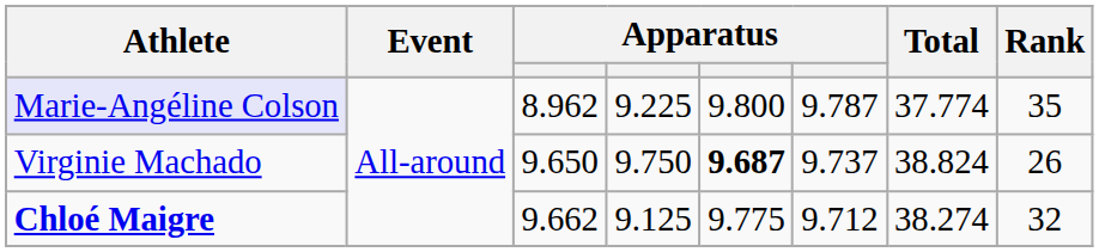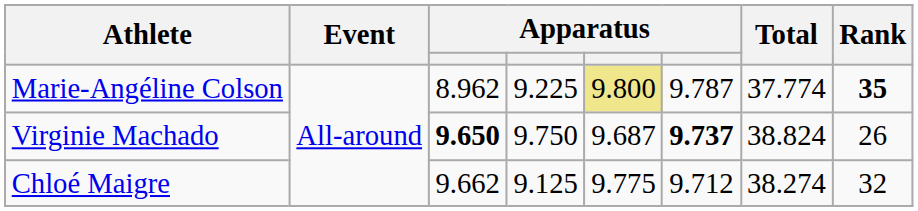 <table class="wikitable" style="font-size:90%">
 <tr>
 <th rowspan=2>Athlete</th>
 <th rowspan=2>Event</th>
 <th colspan=4>Apparatus</th>
 <th rowspan=2>Total</th>
 <th rowspan=2>Rank</th>
 </tr>
 <tr style="font-size:95%">
 <th></th>
 <th></th>
 <th></th>
 <th></th>
 </tr>
 <tr align=center>
-<td align=left style="background: lavender;"><a href='#'>Marie-Angéline Colson</a></td>
+<td align=left><a href='#'>Marie-Angéline Colson</a></td>
 <td align=left rowspan=3><a href='#'>All-around</a></td>
 <td>8.962</td>
 <td>9.225</td>
-<td>9.800</td>
+<td style="background: khaki;">9.800</td>
 <td>9.787</td>
 <td>37.774</td>
-<td>35</td>
+<td><strong>35</strong></td>
 </tr>
 <tr align=center>
 <td align=left><a href='#'>Virginie Machado</a></td>
-<td>9.650</td>
+<td><strong>9.650</strong></td>
 <td>9.750</td>
-<td><strong>9.687</strong></td>
-<td>9.737</td>
+<td>9.687</td>
+<td><strong>9.737</strong></td>
 <td>38.824</td>
 <td>26</td>
 </tr>
 <tr align=center>
-<td align=left><strong><a href='#'>Chloé Maigre</a></strong></td>
+<td align=left><a href='#'>Chloé Maigre</a></td>
 <td>9.662</td>
 <td>9.125</td>
 <td>9.775</td>
 <td>9.712</td>
 <td>38.274</td>
 <td>32</td>
 </tr>
 </table>
